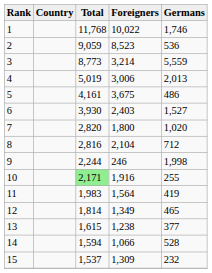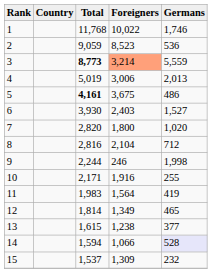 <table class="wikitable sortable">
 <tr>
 <th style="background:#efefef;">Rank</th>
 <th style="background:#efefef;">Country</th>
 <th style="background:#efefef;">Total</th>
 <th style="background:#efefef;">Foreigners</th>
 <th style="background:#efefef;">Germans</th>
 </tr>
 <tr>
 <td>1</td>
 <td></td>
 <td>11,768</td>
 <td>10,022</td>
 <td>1,746</td>
 </tr>
 <tr>
 <td>2</td>
 <td></td>
 <td>9,059</td>
 <td>8,523</td>
 <td>536</td>
 </tr>
 <tr>
 <td>3</td>
 <td></td>
-<td>8,773</td>
-<td>3,214</td>
+<td><strong>8,773</strong></td>
+<td style="background: lightsalmon;">3,214</td>
 <td>5,559</td>
 </tr>
 <tr>
 <td>4</td>
 <td></td>
 <td>5,019</td>
 <td>3,006</td>
 <td>2,013</td>
 </tr>
 <tr>
 <td>5</td>
 <td></td>
-<td>4,161</td>
+<td><strong>4,161</strong></td>
 <td>3,675</td>
 <td>486</td>
 </tr>
 <tr>
 <td>6</td>
 <td></td>
 <td>3,930</td>
 <td>2,403</td>
 <td>1,527</td>
 </tr>
 <tr>
 <td>7</td>
 <td></td>
 <td>2,820</td>
 <td>1,800</td>
 <td>1,020</td>
 </tr>
 <tr>
 <td>8</td>
 <td></td>
 <td>2,816</td>
 <td>2,104</td>
 <td>712</td>
 </tr>
 <tr>
 <td>9</td>
 <td></td>
 <td>2,244</td>
 <td>246</td>
 <td>1,998</td>
 </tr>
 <tr>
 <td>10</td>
 <td></td>
-<td style="background: lightgreen;">2,171</td>
+<td>2,171</td>
 <td>1,916</td>
 <td>255</td>
 </tr>
 <tr>
 <td>11</td>
 <td></td>
 <td>1,983</td>
 <td>1,564</td>
 <td>419</td>
 </tr>
 <tr>
 <td>12</td>
 <td></td>
 <td>1,814</td>
 <td>1,349</td>
 <td>465</td>
 </tr>
 <tr>
 <td>13</td>
 <td></td>
 <td>1,615</td>
 <td>1,238</td>
 <td>377</td>
 </tr>
 <tr>
 <td>14</td>
 <td></td>
 <td>1,594</td>
 <td>1,066</td>
-<td>528</td>
+<td style="background: lavender;">528</td>
 </tr>
 <tr>
 <td>15</td>
 <td></td>
 <td>1,537</td>
 <td>1,309</td>
 <td>232</td>
 </tr>
 <tr>
 </tr>
 </table>
